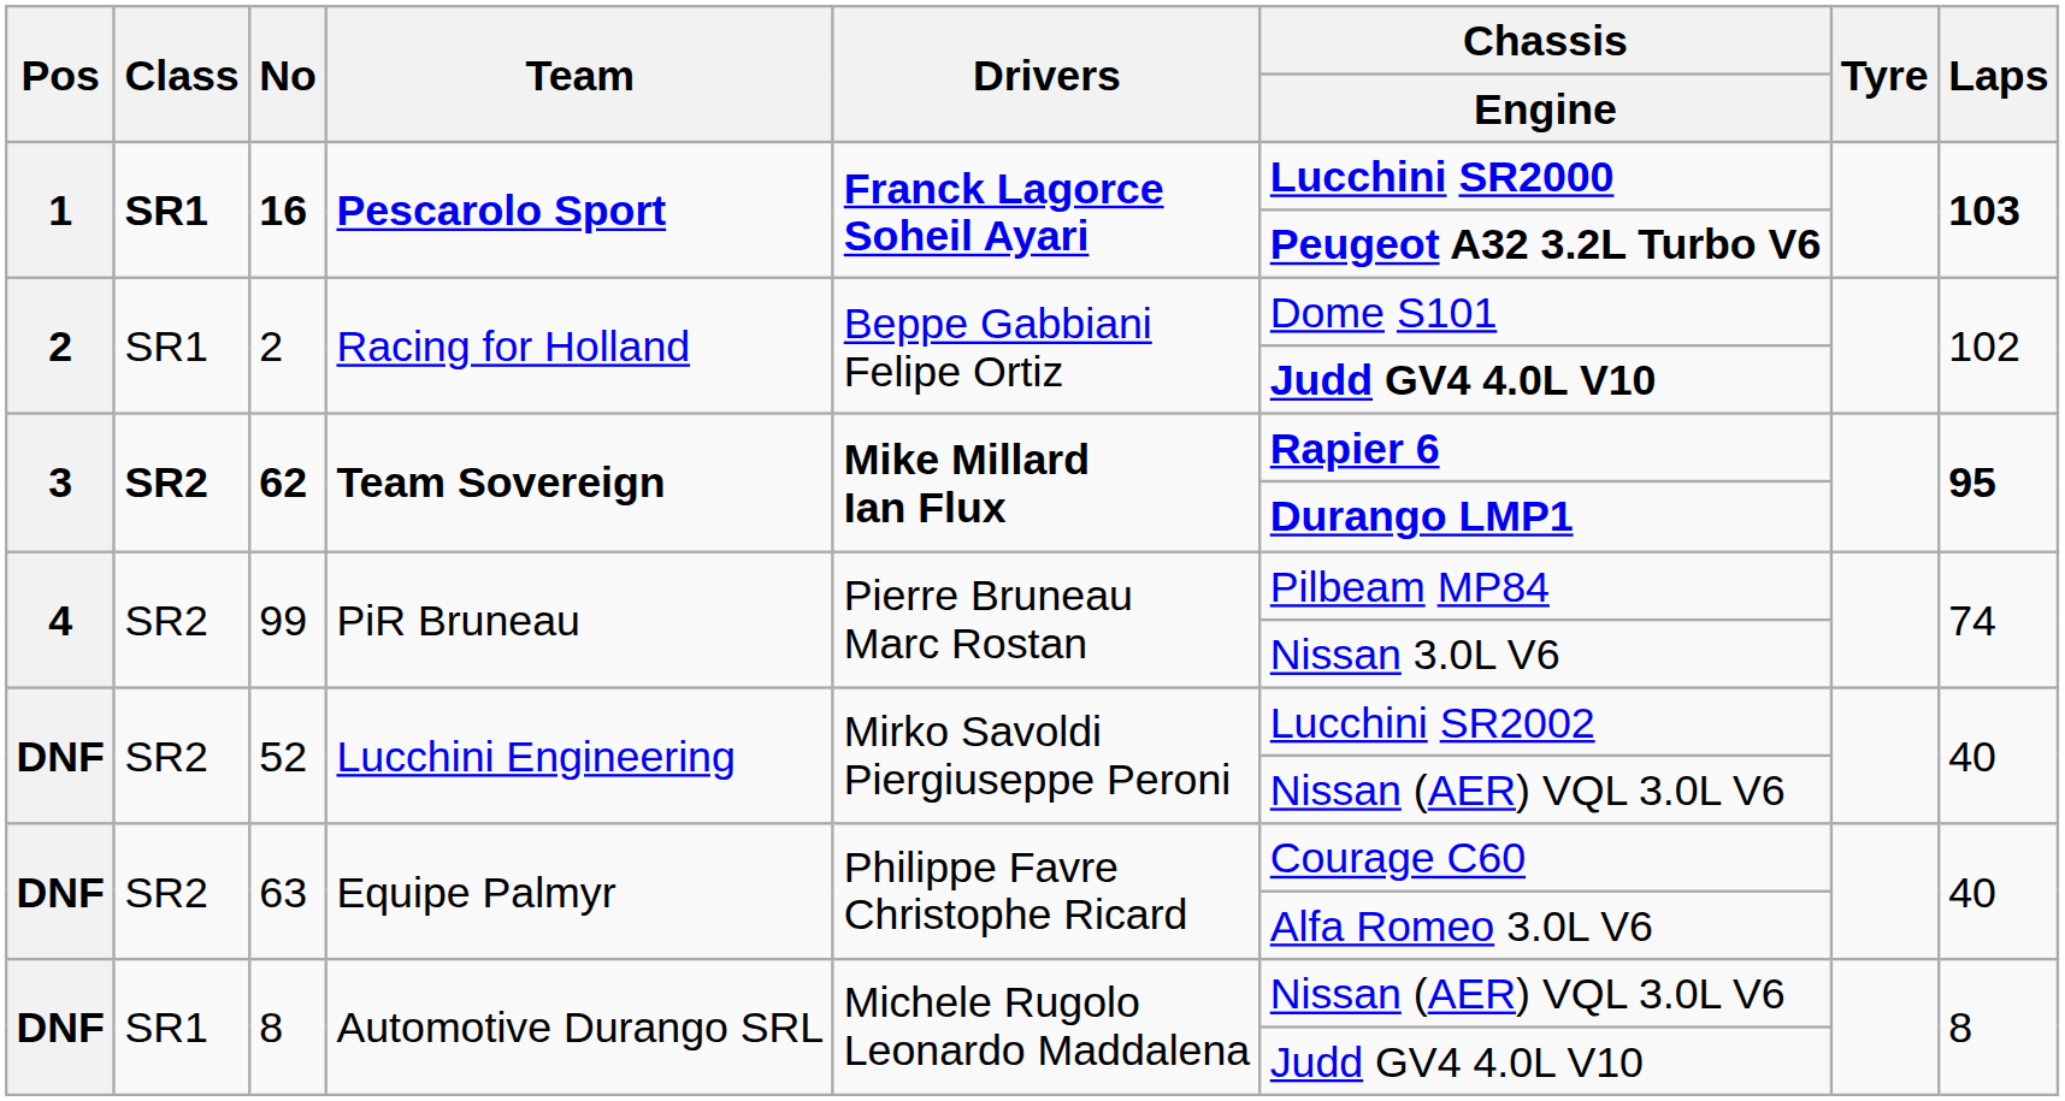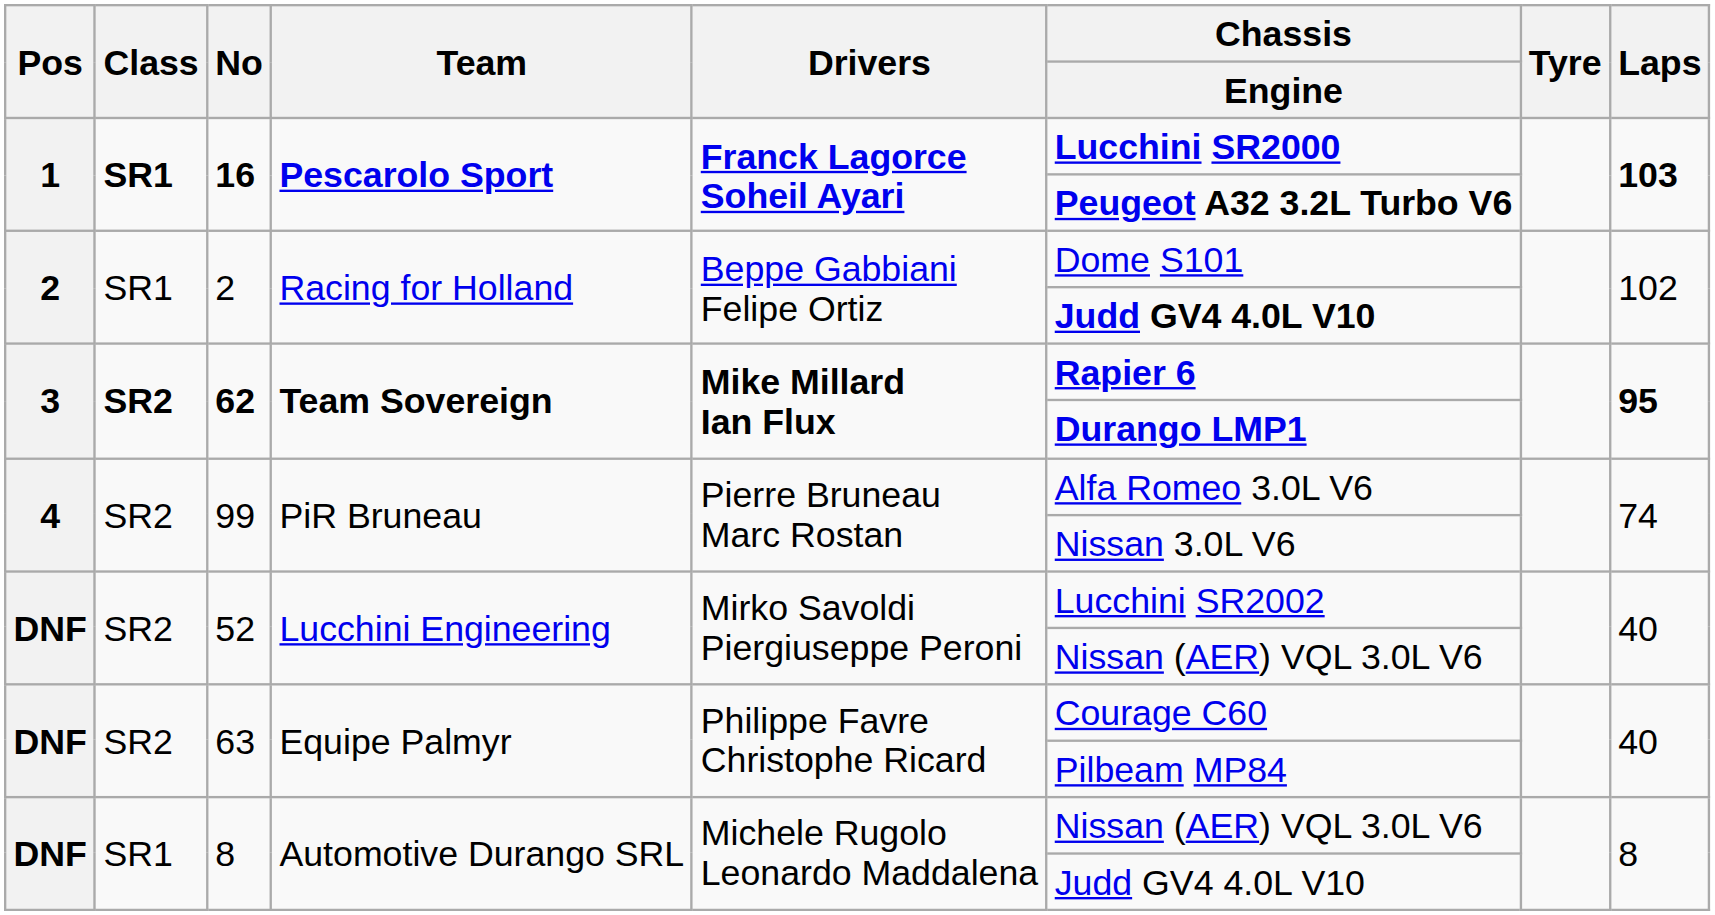 <table class="wikitable" style="font-size: 95%;">
 <tr>
 <th rowspan=2>Pos</th>
 <th rowspan=2>Class</th>
 <th rowspan=2>No</th>
 <th rowspan=2>Team</th>
 <th rowspan=2>Drivers</th>
 <th>Chassis</th>
 <th rowspan=2>Tyre</th>
 <th rowspan=2>Laps</th>
 </tr>
 <tr>
 <th>Engine</th>
 </tr>
 <tr style="font-weight:bold">
 <th rowspan=2>1</th>
 <td rowspan=2>SR1</td>
 <td rowspan=2>16</td>
 <td rowspan=2> <a href='#'>Pescarolo Sport</a></td>
 <td rowspan=2> <a href='#'>Franck Lagorce</a><br> <a href='#'>Soheil Ayari</a></td>
 <td><a href='#'>Lucchini</a> <a href='#'>SR2000</a></td>
 <td rowspan=2></td>
 <td rowspan=2>103</td>
 </tr>
 <tr style="font-weight:bold">
 <td><a href='#'>Peugeot</a> A32 3.2L Turbo V6</td>
 </tr>
 <tr>
 <th rowspan=2>2</th>
 <td rowspan=2>SR1</td>
 <td rowspan=2>2</td>
 <td rowspan=2> <a href='#'>Racing for Holland</a></td>
 <td rowspan=2> <a href='#'>Beppe Gabbiani</a><br> Felipe Ortiz</td>
 <td><a href='#'>Dome</a> <a href='#'>S101</a></td>
 <td rowspan=2></td>
 <td rowspan=2>102</td>
 </tr>
 <tr>
 <td><strong><a href='#'>Judd</a> GV4 4.0L V10</strong></td>
 </tr>
 <tr style="font-weight:bold">
 <th rowspan=2>3</th>
 <td rowspan=2>SR2</td>
 <td rowspan=2>62</td>
 <td rowspan=2> Team Sovereign</td>
 <td rowspan=2> Mike Millard<br> Ian Flux</td>
 <td><a href='#'>Rapier 6</a></td>
 <td rowspan=2></td>
 <td rowspan=2>95</td>
 </tr>
 <tr style="font-weight:bold">
 <td><a href='#'>Durango LMP1</a></td>
 </tr>
 <tr>
 <th rowspan=2>4</th>
 <td rowspan=2>SR2</td>
 <td rowspan=2>99</td>
 <td rowspan=2> PiR Bruneau</td>
 <td rowspan=2> Pierre Bruneau<br> Marc Rostan</td>
-<td><a href='#'>Pilbeam</a> <a href='#'>MP84</a></td>
+<td><a href='#'>Alfa Romeo</a> 3.0L V6</td>
 <td rowspan=2></td>
 <td rowspan=2>74</td>
 </tr>
 <tr>
 <td><a href='#'>Nissan</a> 3.0L V6</td>
 </tr>
 <tr>
 <th rowspan=2>DNF</th>
 <td rowspan=2>SR2</td>
 <td rowspan=2>52</td>
 <td rowspan=2> <a href='#'>Lucchini Engineering</a></td>
 <td rowspan=2> Mirko Savoldi<br> Piergiuseppe Peroni</td>
 <td><a href='#'>Lucchini</a> <a href='#'>SR2002</a></td>
 <td rowspan=2></td>
 <td rowspan=2>40</td>
 </tr>
 <tr>
 <td><a href='#'>Nissan</a> (<a href='#'>AER</a>) VQL 3.0L V6</td>
 </tr>
 <tr>
 <th rowspan=2>DNF</th>
 <td rowspan=2>SR2</td>
 <td rowspan=2>63</td>
 <td rowspan=2> Equipe Palmyr</td>
 <td rowspan=2> Philippe Favre<br> Christophe Ricard</td>
 <td><a href='#'>Courage C60</a></td>
 <td rowspan=2></td>
 <td rowspan=2>40</td>
 </tr>
 <tr>
-<td><a href='#'>Alfa Romeo</a> 3.0L V6</td>
+<td><a href='#'>Pilbeam</a> <a href='#'>MP84</a></td>
 </tr>
 <tr>
 <th rowspan=2>DNF</th>
 <td rowspan=2>SR1</td>
 <td rowspan=2>8</td>
 <td rowspan=2> Automotive Durango SRL</td>
 <td rowspan=2> Michele Rugolo<br> Leonardo Maddalena</td>
 <td><a href='#'>Nissan</a> (<a href='#'>AER</a>) VQL 3.0L V6</td>
 <td rowspan=2></td>
 <td rowspan=2>8</td>
 </tr>
 <tr>
 <td><a href='#'>Judd</a> GV4 4.0L V10</td>
 </tr>
 </table>
